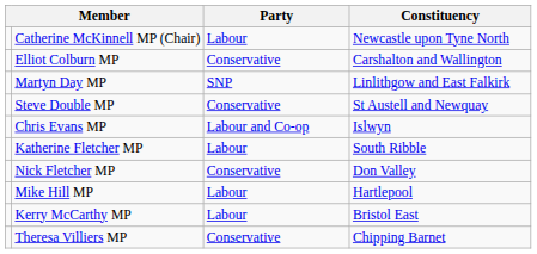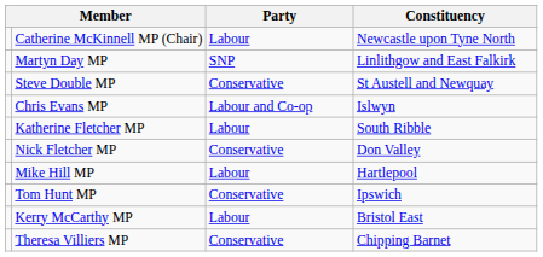 <table class="wikitable">
 <tr>
 <th width="160" valign="top" colspan="2">Member</th>
 <th width="160" valign="top">Party</th>
 <th width="200" valign="top">Constituency</th>
 </tr>
 <tr>
 <td style="color:inherit;background:"></td>
 <td><a href='#'>Catherine McKinnell</a> MP (Chair)</td>
 <td><a href='#'>Labour</a></td>
 <td><a href='#'>Newcastle upon Tyne North</a></td>
-</tr>
-<tr>
-<td style="color:inherit;background:"></td>
-<td><a href='#'>Elliot Colburn</a> MP</td>
-<td><a href='#'>Conservative</a></td>
-<td><a href='#'>Carshalton and Wallington</a></td>
 </tr>
 <tr>
 <td style="color:inherit;background:"></td>
 <td><a href='#'>Martyn Day</a> MP</td>
 <td><a href='#'>SNP</a></td>
 <td><a href='#'>Linlithgow and East Falkirk</a></td>
 </tr>
 <tr>
 <td style="color:inherit;background:"></td>
 <td><a href='#'>Steve Double</a> MP</td>
 <td><a href='#'>Conservative</a></td>
 <td><a href='#'>St Austell and Newquay</a></td>
 </tr>
 <tr>
 <td style="color:inherit;background:"></td>
 <td><a href='#'>Chris Evans</a> MP</td>
 <td><a href='#'>Labour and Co-op</a></td>
 <td><a href='#'>Islwyn</a></td>
 </tr>
 <tr>
 <td style="color:inherit;background:"></td>
 <td><a href='#'>Katherine Fletcher</a> MP</td>
 <td><a href='#'>Labour</a></td>
 <td><a href='#'>South Ribble</a></td>
 </tr>
 <tr>
 <td style="color:inherit;background:"></td>
 <td><a href='#'>Nick Fletcher</a> MP</td>
 <td><a href='#'>Conservative</a></td>
 <td><a href='#'>Don Valley</a></td>
 </tr>
 <tr>
 <td style="color:inherit;background:"></td>
 <td><a href='#'>Mike Hill</a> MP</td>
 <td><a href='#'>Labour</a></td>
 <td><a href='#'>Hartlepool</a></td>
 </tr>
 <tr>
 <td style="color:inherit;background:"></td>
+<td><a href='#'>Tom Hunt</a> MP</td>
+<td><a href='#'>Conservative</a></td>
+<td><a href='#'>Ipswich</a></td>
+</tr>
+<tr>
+<td style="color:inherit;background:"></td>
 <td><a href='#'>Kerry McCarthy</a> MP</td>
 <td><a href='#'>Labour</a></td>
 <td><a href='#'>Bristol East</a></td>
 </tr>
 <tr>
 <td style="color:inherit;background:"></td>
 <td><a href='#'>Theresa Villiers</a> MP</td>
 <td><a href='#'>Conservative</a></td>
 <td><a href='#'>Chipping Barnet</a></td>
 </tr>
 </table>
